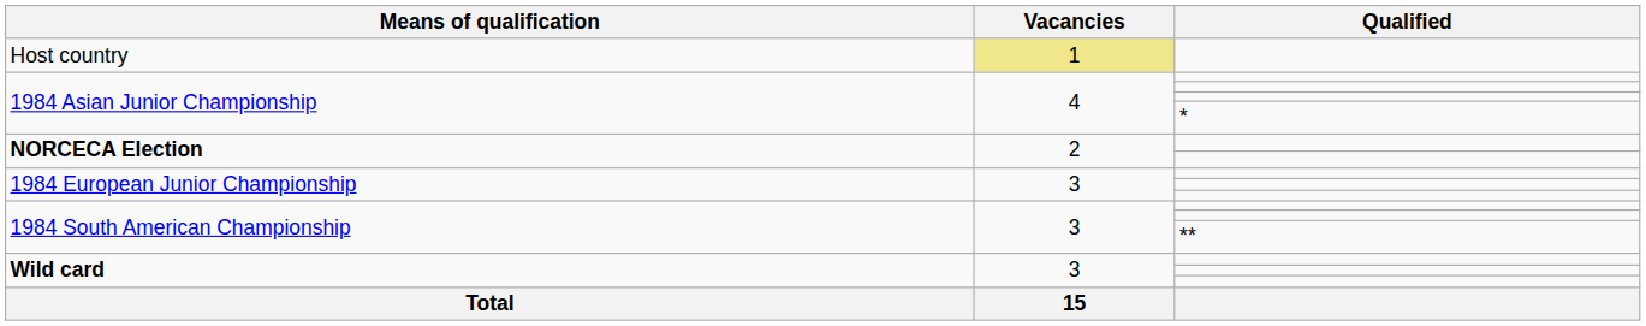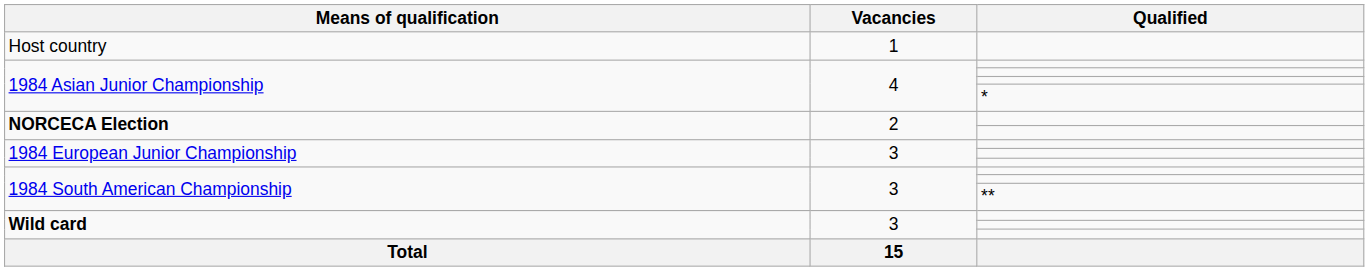 <table class="wikitable">
 <tr>
 <th width=25%>Means of qualification</th>
 <th width=4%>Vacancies</th>
 <th width=12%>Qualified</th>
 </tr>
 <tr>
 <td>Host country</td>
-<td align=center style="background: khaki;">1</td>
+<td align=center>1</td>
 <td></td>
 </tr>
 <tr>
 <td rowspan=4><a href='#'>1984 Asian Junior Championship</a></td>
 <td rowspan=4 align=center>4</td>
 <td></td>
 </tr>
 <tr>
 <td></td>
 </tr>
 <tr>
 <td></td>
 </tr>
 <tr>
 <td> *</td>
 </tr>
 <tr>
 <td rowspan=2><strong>NORCECA Election</strong></td>
 <td rowspan=2 align=center>2</td>
 <td></td>
 </tr>
 <tr>
 <td></td>
 </tr>
 <tr>
 <td rowspan=3><a href='#'>1984 European Junior Championship</a></td>
 <td rowspan=3 align=center>3</td>
 <td></td>
 </tr>
 <tr>
 <td></td>
 </tr>
 <tr>
 <td></td>
 </tr>
 <tr>
 <td rowspan=3><a href='#'>1984 South American Championship</a></td>
 <td rowspan=3 align=center>3</td>
 <td></td>
 </tr>
 <tr>
 <td></td>
 </tr>
 <tr>
 <td><s></s> **</td>
 </tr>
 <tr>
 <td rowspan=3><strong>Wild card</strong></td>
 <td rowspan=3 align=center>3</td>
 <td></td>
 </tr>
 <tr>
 <td></td>
 </tr>
 <tr>
 <td></td>
 </tr>
 <tr>
 <th>Total</th>
 <th align=center>15</th>
 <th></th>
 </tr>
 </table>
